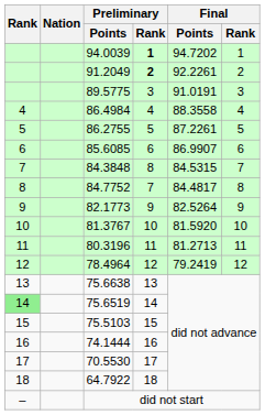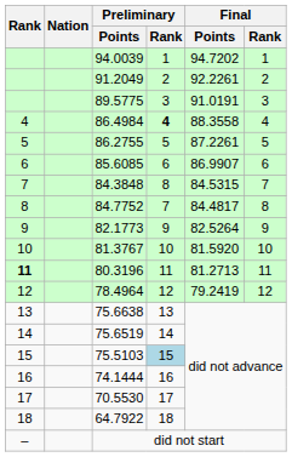 <table class="wikitable sortable" style="text-align:center">
 <tr>
 <th rowspan=2>Rank</th>
 <th rowspan=2>Nation</th>
 <th colspan=2>Preliminary</th>
 <th colspan=2>Final</th>
 </tr>
 <tr>
 <th>Points</th>
 <th>Rank</th>
 <th>Points</th>
 <th>Rank</th>
 </tr>
 <tr bgcolor=ccffcc>
 <td></td>
 <td align=left></td>
 <td>94.0039</td>
-<td><strong>1</strong></td>
+<td>1</td>
 <td>94.7202</td>
 <td>1</td>
 </tr>
 <tr bgcolor=ccffcc>
 <td></td>
 <td align=left></td>
 <td>91.2049</td>
-<td><strong>2</strong></td>
+<td>2</td>
 <td>92.2261</td>
 <td>2</td>
 </tr>
 <tr bgcolor=ccffcc>
 <td></td>
 <td align=left></td>
 <td>89.5775</td>
 <td>3</td>
 <td>91.0191</td>
 <td>3</td>
 </tr>
 <tr bgcolor=ccffcc>
 <td>4</td>
 <td align=left></td>
 <td>86.4984</td>
-<td>4</td>
+<td><strong>4</strong></td>
 <td>88.3558</td>
 <td>4</td>
 </tr>
 <tr bgcolor=ccffcc>
 <td>5</td>
 <td align=left></td>
 <td>86.2755</td>
 <td>5</td>
 <td>87.2261</td>
 <td>5</td>
 </tr>
 <tr bgcolor=ccffcc>
 <td>6</td>
 <td align=left></td>
 <td>85.6085</td>
 <td>6</td>
 <td>86.9907</td>
 <td>6</td>
 </tr>
 <tr bgcolor=ccffcc>
 <td>7</td>
 <td align=left></td>
 <td>84.3848</td>
 <td>8</td>
 <td>84.5315</td>
 <td>7</td>
 </tr>
 <tr bgcolor=ccffcc>
 <td>8</td>
 <td align=left></td>
 <td>84.7752</td>
 <td>7</td>
 <td>84.4817</td>
 <td>8</td>
 </tr>
 <tr bgcolor=ccffcc>
 <td>9</td>
 <td align=left></td>
 <td>82.1773</td>
 <td>9</td>
 <td>82.5264</td>
 <td>9</td>
 </tr>
 <tr bgcolor=ccffcc>
 <td>10</td>
 <td align=left></td>
 <td>81.3767</td>
 <td>10</td>
 <td>81.5920</td>
 <td>10</td>
 </tr>
 <tr bgcolor=ccffcc>
-<td>11</td>
+<td><strong>11</strong></td>
 <td align=left></td>
 <td>80.3196</td>
 <td>11</td>
 <td>81.2713</td>
 <td>11</td>
 </tr>
 <tr bgcolor=ccffcc>
 <td>12</td>
 <td align=left></td>
 <td>78.4964</td>
 <td>12</td>
 <td>79.2419</td>
 <td>12</td>
 </tr>
 <tr>
 <td>13</td>
 <td align=left></td>
 <td>75.6638</td>
 <td>13</td>
 <td colspan=2 rowspan=6>did not advance</td>
 </tr>
 <tr>
-<td style="background: lightgreen;">14</td>
+<td>14</td>
 <td align=left></td>
 <td>75.6519</td>
 <td>14</td>
 </tr>
 <tr>
 <td>15</td>
 <td align=left></td>
 <td>75.5103</td>
-<td>15</td>
+<td style="background: lightblue;">15</td>
 </tr>
 <tr>
 <td>16</td>
 <td align=left></td>
 <td>74.1444</td>
 <td>16</td>
 </tr>
 <tr>
 <td>17</td>
 <td align=left></td>
 <td>70.5530</td>
 <td>17</td>
 </tr>
 <tr>
 <td>18</td>
 <td align=left></td>
 <td>64.7922</td>
 <td>18</td>
 </tr>
 <tr>
 <td>–</td>
 <td align=left></td>
 <td colspan=4>did not start</td>
 </tr>
 </table>
